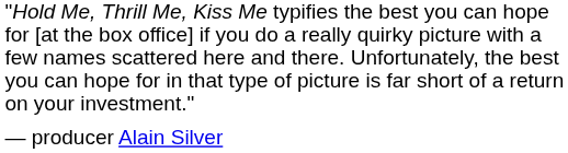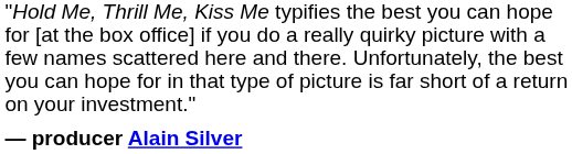 <table class="toccolours" style="float: left; margin-left: 0em; margin-right: 2em; font-size: 85%; background:#offwhite; color:black; width:28em; max-width: 40%;" cellspacing="5">
 <tr>
 <td style="text-align: left;">"<em>Hold Me, Thrill Me, Kiss Me</em> typifies the best you can hope for [at the box office] if you do a really quirky picture with a few names scattered here and there. Unfortunately, the best you can hope for in that type of picture is far short of a return on your investment."</td>
 </tr>
 <tr>
-<td style="text-align: left;">— producer <a href='#'>Alain Silver</a></td>
+<td style="text-align: left;"><strong>— producer <a href='#'>Alain Silver</a></strong></td>
 </tr>
 </table>
